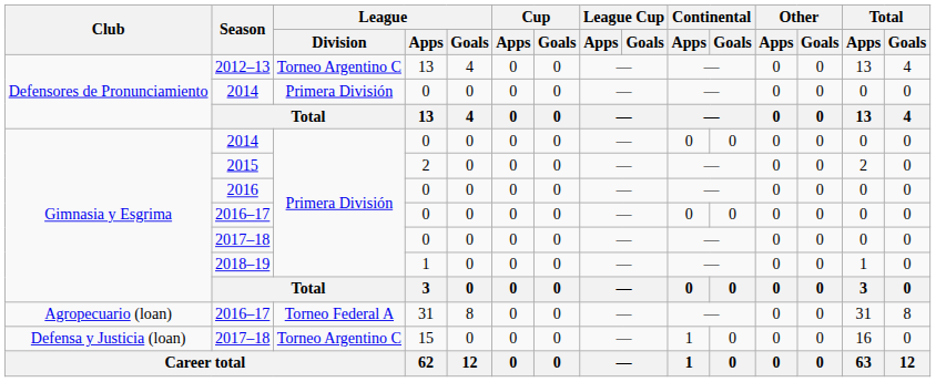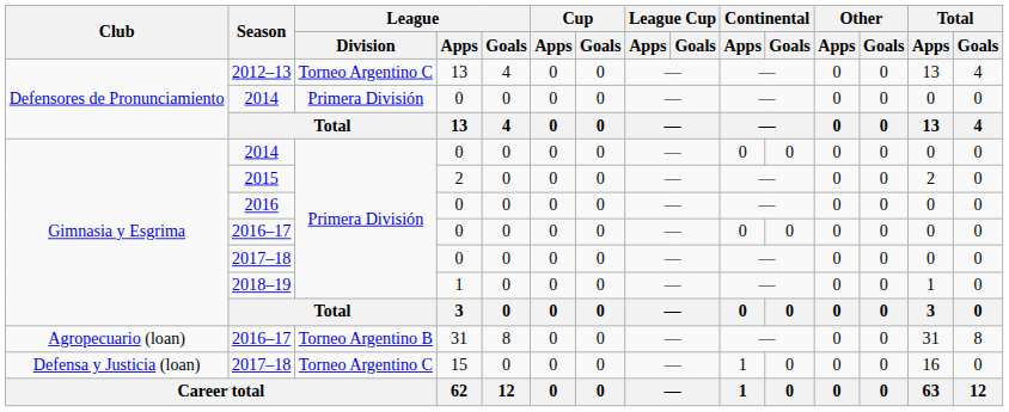 <table class="wikitable" style="text-align:center">
 <tr>
 <th rowspan="2">Club</th>
 <th rowspan="2">Season</th>
 <th colspan="3">League</th>
 <th colspan="2">Cup</th>
 <th colspan="2">League Cup</th>
 <th colspan="2">Continental</th>
 <th colspan="2">Other</th>
 <th colspan="2">Total</th>
 </tr>
 <tr>
 <th>Division</th>
 <th>Apps</th>
 <th>Goals</th>
 <th>Apps</th>
 <th>Goals</th>
 <th>Apps</th>
 <th>Goals</th>
 <th>Apps</th>
 <th>Goals</th>
 <th>Apps</th>
 <th>Goals</th>
 <th>Apps</th>
 <th>Goals</th>
 </tr>
 <tr>
 <td rowspan="3"><a href='#'>Defensores de Pronunciamiento</a></td>
 <td><a href='#'>2012–13</a></td>
 <td rowspan="1"><a href='#'>Torneo Argentino C</a></td>
 <td>13</td>
 <td>4</td>
 <td>0</td>
 <td>0</td>
 <td colspan="2">—</td>
 <td colspan="2">—</td>
 <td>0</td>
 <td>0</td>
 <td>13</td>
 <td>4</td>
 </tr>
 <tr>
 <td><a href='#'>2014</a></td>
 <td rowspan="1"><a href='#'>Primera División</a></td>
 <td>0</td>
 <td>0</td>
 <td>0</td>
 <td>0</td>
 <td colspan="2">—</td>
 <td colspan="2">—</td>
 <td>0</td>
 <td>0</td>
 <td>0</td>
 <td>0</td>
 </tr>
 <tr>
 <th colspan="2">Total</th>
 <th>13</th>
 <th>4</th>
 <th>0</th>
 <th>0</th>
 <th colspan="2">—</th>
 <th colspan="2">—</th>
 <th>0</th>
 <th>0</th>
 <th>13</th>
 <th>4</th>
 </tr>
 <tr>
 <td rowspan="7"><a href='#'>Gimnasia y Esgrima</a></td>
 <td><a href='#'>2014</a></td>
 <td rowspan="6"><a href='#'>Primera División</a></td>
 <td>0</td>
 <td>0</td>
 <td>0</td>
 <td>0</td>
 <td colspan="2">—</td>
 <td>0</td>
 <td>0</td>
 <td>0</td>
 <td>0</td>
 <td>0</td>
 <td>0</td>
 </tr>
 <tr>
 <td><a href='#'>2015</a></td>
 <td>2</td>
 <td>0</td>
 <td>0</td>
 <td>0</td>
 <td colspan="2">—</td>
 <td colspan="2">—</td>
 <td>0</td>
 <td>0</td>
 <td>2</td>
 <td>0</td>
 </tr>
 <tr>
 <td><a href='#'>2016</a></td>
 <td>0</td>
 <td>0</td>
 <td>0</td>
 <td>0</td>
 <td colspan="2">—</td>
 <td colspan="2">—</td>
 <td>0</td>
 <td>0</td>
 <td>0</td>
 <td>0</td>
 </tr>
 <tr>
 <td><a href='#'>2016–17</a></td>
 <td>0</td>
 <td>0</td>
 <td>0</td>
 <td>0</td>
 <td colspan="2">—</td>
 <td>0</td>
 <td>0</td>
 <td>0</td>
 <td>0</td>
 <td>0</td>
 <td>0</td>
 </tr>
 <tr>
 <td><a href='#'>2017–18</a></td>
 <td>0</td>
 <td>0</td>
 <td>0</td>
 <td>0</td>
 <td colspan="2">—</td>
 <td colspan="2">—</td>
 <td>0</td>
 <td>0</td>
 <td>0</td>
 <td>0</td>
 </tr>
 <tr>
 <td><a href='#'>2018–19</a></td>
 <td>1</td>
 <td>0</td>
 <td>0</td>
 <td>0</td>
 <td colspan="2">—</td>
 <td colspan="2">—</td>
 <td>0</td>
 <td>0</td>
 <td>1</td>
 <td>0</td>
 </tr>
 <tr>
 <th colspan="2">Total</th>
 <th>3</th>
 <th>0</th>
 <th>0</th>
 <th>0</th>
 <th colspan="2">—</th>
 <th>0</th>
 <th>0</th>
 <th>0</th>
 <th>0</th>
 <th>3</th>
 <th>0</th>
 </tr>
 <tr>
 <td rowspan="1"><a href='#'>Agropecuario</a> (loan)</td>
 <td><a href='#'>2016–17</a></td>
-<td rowspan="1"><a href='#'>Torneo Federal A</a></td>
+<td rowspan="1"><a href='#'>Torneo Argentino B</a></td>
 <td>31</td>
 <td>8</td>
 <td>0</td>
 <td>0</td>
 <td colspan="2">—</td>
 <td colspan="2">—</td>
 <td>0</td>
 <td>0</td>
 <td>31</td>
 <td>8</td>
 </tr>
 <tr>
 <td rowspan="1"><a href='#'>Defensa y Justicia</a> (loan)</td>
 <td><a href='#'>2017–18</a></td>
 <td rowspan="1"><a href='#'>Torneo Argentino C</a></td>
 <td>15</td>
 <td>0</td>
 <td>0</td>
 <td>0</td>
 <td colspan="2">—</td>
 <td>1</td>
 <td>0</td>
 <td>0</td>
 <td>0</td>
 <td>16</td>
 <td>0</td>
 </tr>
 <tr>
 <th colspan="3">Career total</th>
 <th>62</th>
 <th>12</th>
 <th>0</th>
 <th>0</th>
 <th colspan="2">—</th>
 <th>1</th>
 <th>0</th>
 <th>0</th>
 <th>0</th>
 <th>63</th>
 <th>12</th>
 </tr>
 </table>
